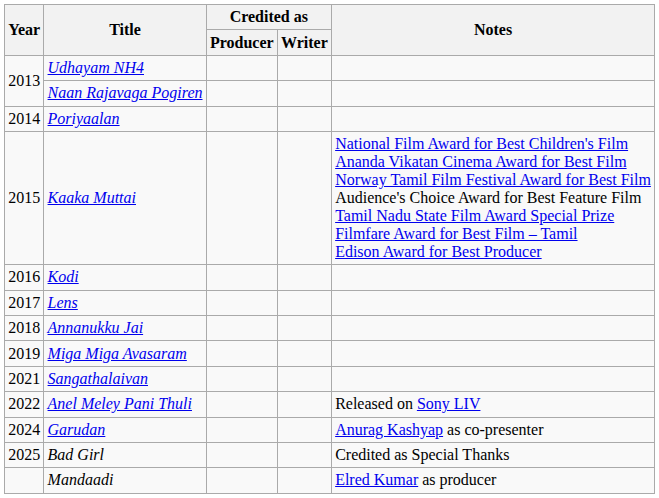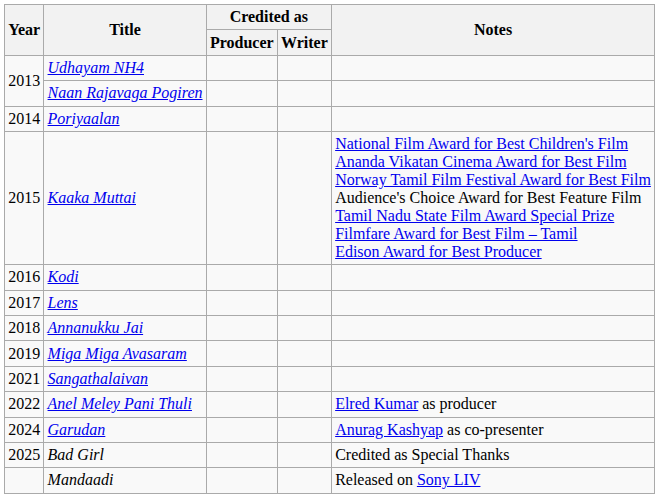 <table class="wikitable">
 <tr style="background:#B0C4DE; text-align:center;">
 <th rowspan="2" scope="col">Year</th>
 <th rowspan="2" scope="col">Title</th>
 <th scope="col"  colspan="2">Credited as</th>
 <th rowspan="2" class="unsortable" scope="col">Notes</th>
 </tr>
 <tr>
 <th>Producer</th>
 <th>Writer</th>
 </tr>
 <tr>
 <td rowspan="2">2013</td>
 <td><em><a href='#'>Udhayam NH4</a></em></td>
 <td></td>
 <td></td>
 <td></td>
 </tr>
 <tr>
 <td><em><a href='#'>Naan Rajavaga Pogiren</a></em></td>
 <td></td>
 <td></td>
 <td></td>
 </tr>
 <tr>
 <td>2014</td>
 <td><em><a href='#'>Poriyaalan</a></em></td>
 <td></td>
 <td></td>
 <td></td>
 </tr>
 <tr>
 <td>2015</td>
 <td><em><a href='#'>Kaaka Muttai</a></em></td>
 <td></td>
 <td></td>
 <td><a href='#'>National Film Award for Best Children's Film</a><br><a href='#'>Ananda Vikatan Cinema Award for Best Film</a><br><a href='#'>Norway Tamil Film Festival Award for Best Film</a><br>Audience's Choice Award for Best Feature Film<br><a href='#'>Tamil Nadu State Film Award Special Prize</a><br> <a href='#'>Filmfare Award for Best Film – Tamil</a><br><a href='#'>Edison Award for Best Producer</a></td>
 </tr>
 <tr>
 <td>2016</td>
 <td><em><a href='#'>Kodi</a></em></td>
 <td></td>
 <td></td>
 <td></td>
 </tr>
 <tr>
 <td rowspan="1">2017</td>
 <td><em><a href='#'>Lens</a></em></td>
 <td></td>
 <td></td>
 <td></td>
 </tr>
 <tr>
 <td>2018</td>
 <td><em><a href='#'>Annanukku Jai</a></em></td>
 <td></td>
 <td></td>
 <td></td>
 </tr>
 <tr>
 <td>2019</td>
 <td><em><a href='#'>Miga Miga Avasaram</a></em></td>
 <td></td>
 <td></td>
 <td></td>
 </tr>
 <tr>
 <td>2021</td>
 <td><em><a href='#'>Sangathalaivan</a></em></td>
 <td></td>
 <td></td>
 <td></td>
 </tr>
 <tr>
 <td>2022</td>
 <td><em><a href='#'>Anel Meley Pani Thuli</a></em></td>
 <td></td>
 <td></td>
-<td>Released on <a href='#'>Sony LIV</a></td>
+<td><a href='#'>Elred Kumar</a> as producer</td>
 </tr>
 <tr>
 <td>2024</td>
 <td><em><a href='#'>Garudan</a></em></td>
 <td></td>
 <td></td>
 <td><a href='#'>Anurag Kashyap</a> as co-presenter</td>
 </tr>
 <tr>
 <td>2025</td>
 <td><em>Bad Girl</em></td>
 <td></td>
 <td></td>
 <td>Credited as Special Thanks</td>
 </tr>
 <tr>
 <td></td>
 <td><em>Mandaadi</em></td>
 <td></td>
 <td></td>
-<td><a href='#'>Elred Kumar</a> as producer</td>
+<td>Released on <a href='#'>Sony LIV</a></td>
 </tr>
 </table>
